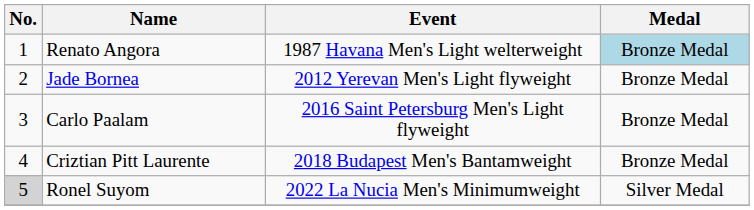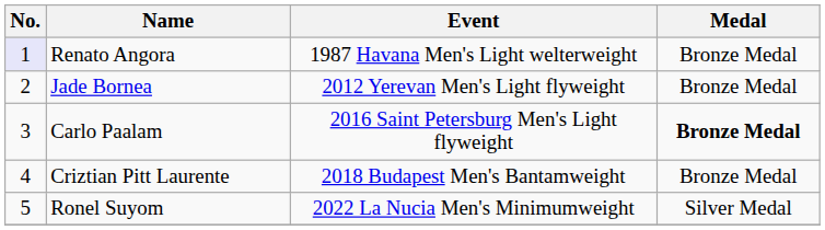 <table class="wikitable" width=50%>
 <tr>
 <th width=05%>No.</th>
 <th width=30%>Name</th>
 <th width=45%>Event</th>
 <th width=20%>Medal</th>
 </tr>
 <tr align=center>
-<td>1</td>
+<td style="background: lavender;">1</td>
 <td align=left>Renato Angora</td>
 <td>1987 <a href='#'>Havana</a> Men's Light welterweight</td>
-<td style="background: lightblue;"> Bronze Medal</td>
+<td> Bronze Medal</td>
 </tr>
 <tr align=center>
 <td>2</td>
 <td align=left><a href='#'>Jade Bornea</a></td>
 <td><a href='#'>2012 Yerevan</a> Men's Light flyweight</td>
 <td> Bronze Medal</td>
 </tr>
 <tr align=center>
 <td>3</td>
 <td align=left>Carlo Paalam</td>
 <td><a href='#'>2016 Saint Petersburg</a> Men's Light flyweight</td>
-<td> Bronze Medal</td>
+<td><strong> Bronze Medal</strong></td>
 </tr>
 <tr align=center>
 <td>4</td>
 <td align=left>Criztian Pitt Laurente</td>
 <td><a href='#'>2018 Budapest</a> Men's Bantamweight</td>
 <td> Bronze Medal</td>
 </tr>
 <tr align=center>
-<td style="background: lightgrey;">5</td>
+<td>5</td>
 <td align=left>Ronel Suyom</td>
 <td><a href='#'>2022 La Nucia</a> Men's Minimumweight</td>
 <td> Silver Medal</td>
 </tr>
 <tr align=center>
 </tr>
 </table>
